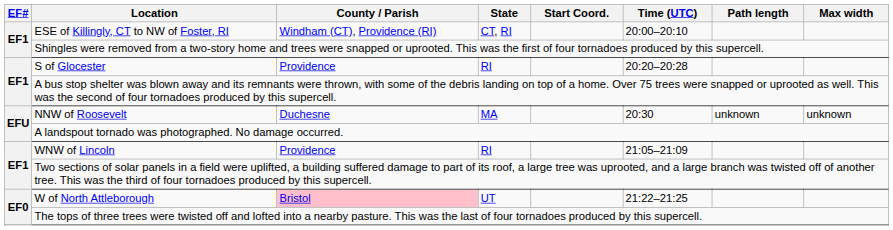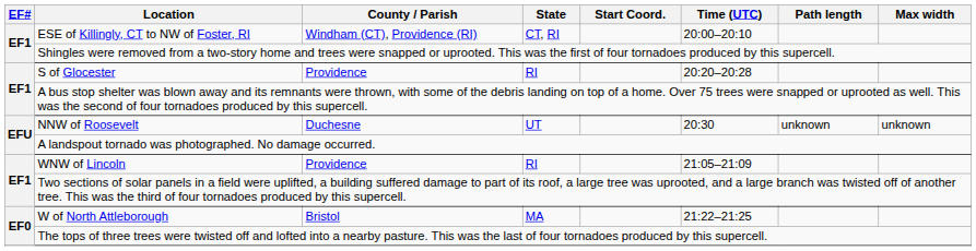 <table class="wikitable sortable" style="width:100%;">
 <tr>
 <th scope="col" width="2%" align="center"><a href='#'>EF#</a></th>
 <th scope="col" align="center" class="unsortable">Location</th>
 <th scope="col" align="center" class="unsortable">County / Parish</th>
 <th scope="col" align="center">State</th>
 <th scope="col" align="center">Start Coord.</th>
 <th scope="col" align="center">Time (<a href='#'>UTC</a>)</th>
 <th scope="col" align="center">Path length</th>
 <th scope="col" align="center">Max width</th>
 </tr>
 <tr>
 <th scope="row" rowspan="2" style="background-color:#">EF1</th>
 <td>ESE of <a href='#'>Killingly, CT</a> to NW of <a href='#'>Foster, RI</a></td>
 <td><a href='#'>Windham (CT)</a>, <a href='#'>Providence (RI)</a></td>
 <td><a href='#'>CT</a>, <a href='#'>RI</a></td>
 <td></td>
 <td>20:00–20:10</td>
 <td></td>
 <td></td>
 </tr>
 <tr class="expand-child">
 <td colspan="8" style=" border-bottom: 1px solid black;">Shingles were removed from a two-story home and trees were snapped or uprooted. This was the first of four tornadoes produced by this supercell.</td>
 </tr>
 <tr>
 <th scope="row" rowspan="2" style="background-color:#">EF1</th>
 <td>S of <a href='#'>Glocester</a></td>
 <td><a href='#'>Providence</a></td>
 <td><a href='#'>RI</a></td>
 <td></td>
 <td>20:20–20:28</td>
 <td></td>
 <td></td>
 </tr>
 <tr class="expand-child">
 <td colspan="8" style=" border-bottom: 1px solid black;">A bus stop shelter was blown away and its remnants were thrown, with some of the debris landing on top of a home. Over 75 trees were snapped or uprooted as well. This was the second of four tornadoes produced by this supercell.</td>
 </tr>
 <tr>
 <th scope="row" rowspan="2" style="background-color:#">EFU</th>
 <td>NNW of <a href='#'>Roosevelt</a></td>
 <td><a href='#'>Duchesne</a></td>
-<td><a href='#'>MA</a></td>
+<td><a href='#'>UT</a></td>
 <td></td>
 <td>20:30</td>
 <td>unknown</td>
 <td>unknown</td>
 </tr>
 <tr class="expand-child">
 <td colspan="8" style=" border-bottom: 1px solid black;">A landspout tornado was photographed. No damage occurred.</td>
 </tr>
 <tr>
 <th scope="row" rowspan="2" style="background-color:#">EF1</th>
 <td>WNW of <a href='#'>Lincoln</a></td>
 <td><a href='#'>Providence</a></td>
 <td><a href='#'>RI</a></td>
 <td></td>
 <td>21:05–21:09</td>
 <td></td>
 <td></td>
 </tr>
 <tr class="expand-child">
 <td colspan="8" style=" border-bottom: 1px solid black;">Two sections of solar panels in a field were uplifted, a building suffered damage to part of its roof, a large tree was uprooted, and a large branch was twisted off of another tree. This was the third of four tornadoes produced by this supercell.</td>
 </tr>
 <tr>
 <th scope="row" rowspan="2" style="background-color:#">EF0</th>
 <td>W of <a href='#'>North Attleborough</a></td>
-<td style="background: pink;"><a href='#'>Bristol</a></td>
-<td><a href='#'>UT</a></td>
+<td><a href='#'>Bristol</a></td>
+<td><a href='#'>MA</a></td>
 <td></td>
 <td>21:22–21:25</td>
 <td></td>
 <td></td>
 </tr>
 <tr class="expand-child">
 <td colspan="8" style=" border-bottom: 1px solid black;">The tops of three trees were twisted off and lofted into a nearby pasture. This was the last of four tornadoes produced by this supercell.</td>
 </tr>
 <tr>
 </tr>
 <tr>
 </tr>
 </table>
